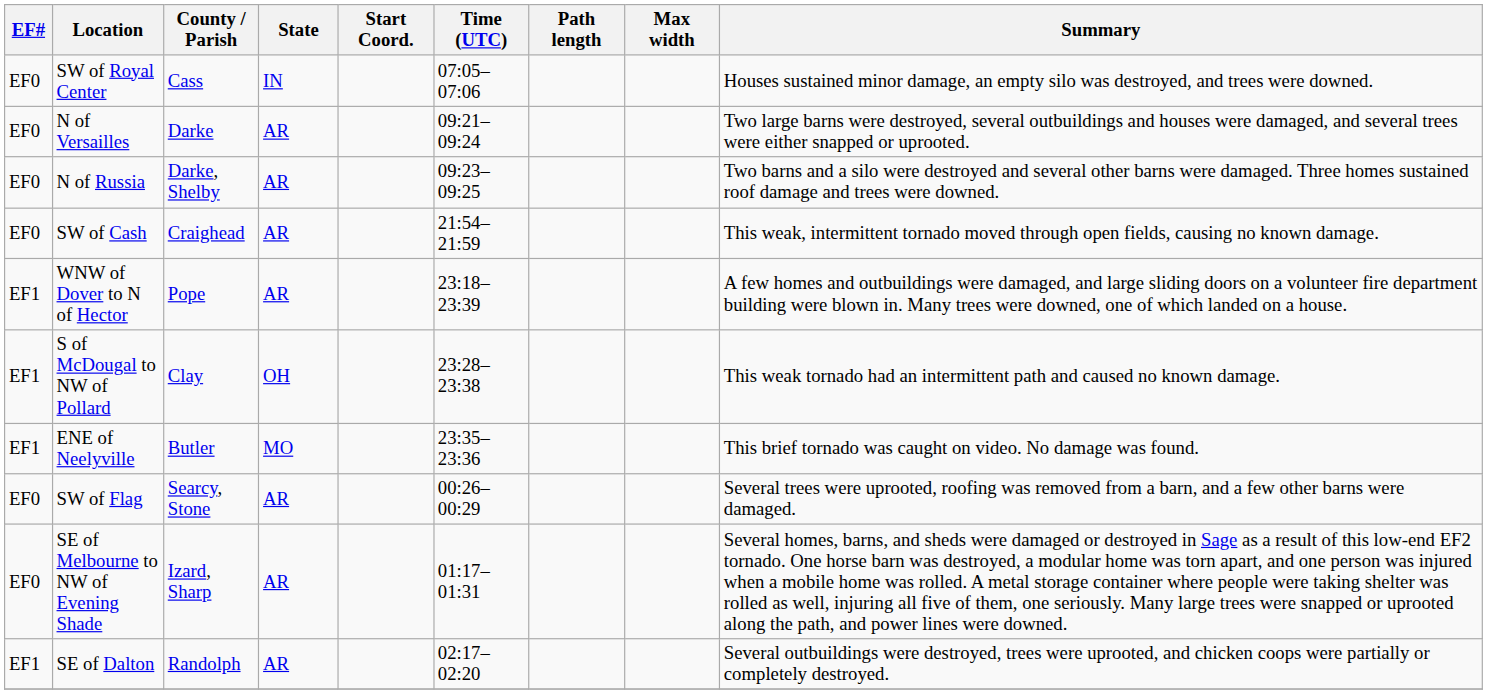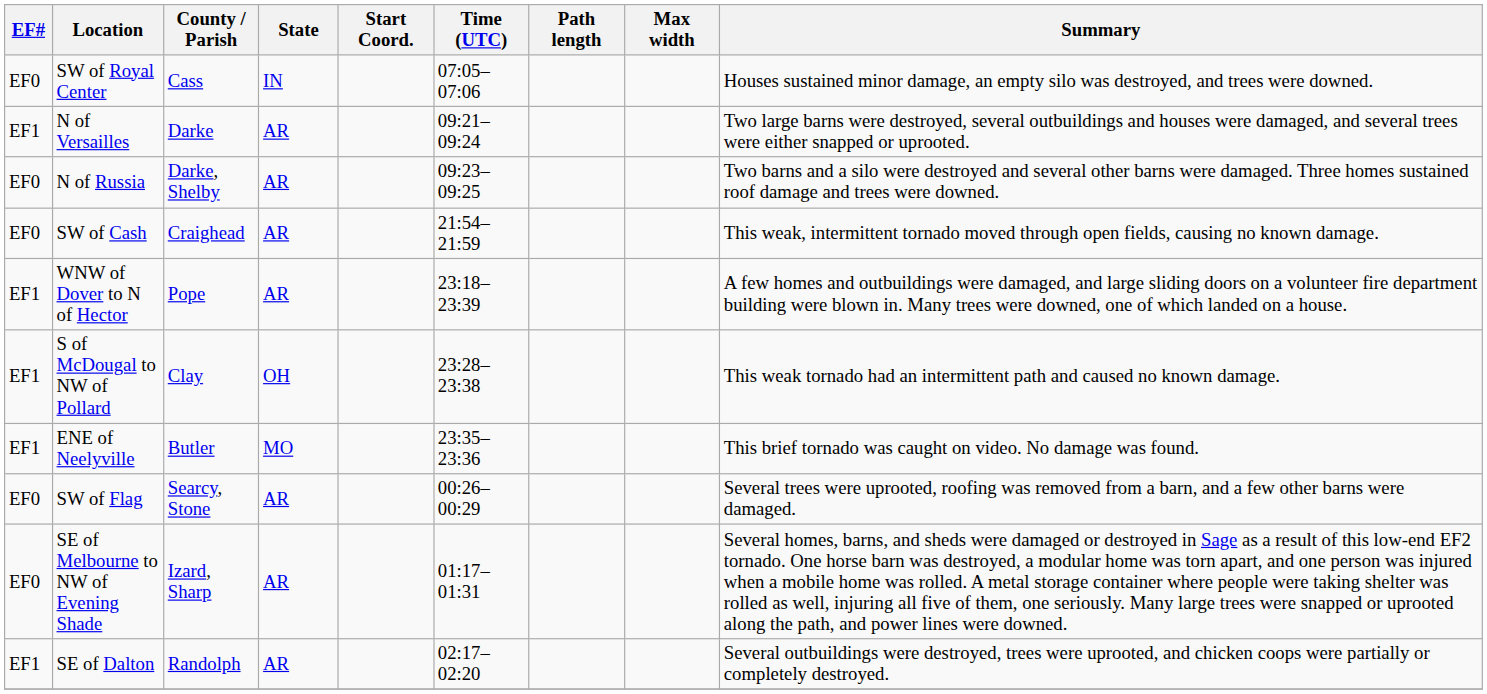 <table class="wikitable sortable" style="width:100%;">
 <tr>
 <th scope="col"  style="width:3%; text-align:center;"><a href='#'>EF#</a></th>
 <th scope="col"  style="width:7%; text-align:center;" class="unsortable">Location</th>
 <th scope="col"  style="width:6%; text-align:center;" class="unsortable">County / Parish</th>
 <th scope="col"  style="width:5%; text-align:center;">State</th>
 <th scope="col"  style="width:6%; text-align:center;">Start Coord.</th>
 <th scope="col"  style="width:6%; text-align:center;">Time (<a href='#'>UTC</a>)</th>
 <th scope="col"  style="width:6%; text-align:center;">Path length</th>
 <th scope="col"  style="width:6%; text-align:center;">Max width</th>
 <th scope="col" class="unsortable" style="width:48%; text-align:center;">Summary</th>
 </tr>
 <tr>
 <td>EF0</td>
 <td>SW of <a href='#'>Royal Center</a></td>
 <td><a href='#'>Cass</a></td>
 <td><a href='#'>IN</a></td>
 <td></td>
 <td>07:05–07:06</td>
 <td></td>
 <td></td>
 <td>Houses sustained minor damage, an empty silo was destroyed, and trees were downed.</td>
 </tr>
 <tr>
-<td>EF0</td>
+<td>EF1</td>
 <td>N of <a href='#'>Versailles</a></td>
 <td><a href='#'>Darke</a></td>
 <td><a href='#'>AR</a></td>
 <td></td>
 <td>09:21–09:24</td>
 <td></td>
 <td></td>
 <td>Two large barns were destroyed, several outbuildings and houses were damaged, and several trees were either snapped or uprooted.</td>
 </tr>
 <tr>
 <td>EF0</td>
 <td>N of <a href='#'>Russia</a></td>
 <td><a href='#'>Darke</a>, <a href='#'>Shelby</a></td>
 <td><a href='#'>AR</a></td>
 <td></td>
 <td>09:23–09:25</td>
 <td></td>
 <td></td>
 <td>Two barns and a silo were destroyed and several other barns were damaged. Three homes sustained roof damage and trees were downed.</td>
 </tr>
 <tr>
 <td>EF0</td>
 <td>SW of <a href='#'>Cash</a></td>
 <td><a href='#'>Craighead</a></td>
 <td><a href='#'>AR</a></td>
 <td></td>
 <td>21:54–21:59</td>
 <td></td>
 <td></td>
 <td>This weak, intermittent tornado moved through open fields, causing no known damage.</td>
 </tr>
 <tr>
 <td>EF1</td>
 <td>WNW of <a href='#'>Dover</a> to N of <a href='#'>Hector</a></td>
 <td><a href='#'>Pope</a></td>
 <td><a href='#'>AR</a></td>
 <td></td>
 <td>23:18–23:39</td>
 <td></td>
 <td></td>
 <td>A few homes and outbuildings were damaged, and large sliding doors on a volunteer fire department building were blown in. Many trees were downed, one of which landed on a house.</td>
 </tr>
 <tr>
 <td>EF1</td>
 <td>S of <a href='#'>McDougal</a> to NW of <a href='#'>Pollard</a></td>
 <td><a href='#'>Clay</a></td>
 <td><a href='#'>OH</a></td>
 <td></td>
 <td>23:28–23:38</td>
 <td></td>
 <td></td>
 <td>This weak tornado had an intermittent path and caused no known damage.</td>
 </tr>
 <tr>
 <td>EF1</td>
 <td>ENE of <a href='#'>Neelyville</a></td>
 <td><a href='#'>Butler</a></td>
 <td><a href='#'>MO</a></td>
 <td></td>
 <td>23:35–23:36</td>
 <td></td>
 <td></td>
 <td>This brief tornado was caught on video. No damage was found.</td>
 </tr>
 <tr>
 <td>EF0</td>
 <td>SW of <a href='#'>Flag</a></td>
 <td><a href='#'>Searcy</a>, <a href='#'>Stone</a></td>
 <td><a href='#'>AR</a></td>
 <td></td>
 <td>00:26–00:29</td>
 <td></td>
 <td></td>
 <td>Several trees were uprooted, roofing was removed from a barn, and a few other barns were damaged.</td>
 </tr>
 <tr>
 <td>EF0</td>
 <td>SE of <a href='#'>Melbourne</a> to NW of <a href='#'>Evening Shade</a></td>
 <td><a href='#'>Izard</a>, <a href='#'>Sharp</a></td>
 <td><a href='#'>AR</a></td>
 <td></td>
 <td>01:17–01:31</td>
 <td></td>
 <td></td>
 <td>Several homes, barns, and sheds were damaged or destroyed in <a href='#'>Sage</a> as a result of this low-end EF2 tornado. One horse barn was destroyed, a modular home was torn apart, and one person was injured when a mobile home was rolled. A metal storage container where people were taking shelter was rolled as well, injuring all five of them, one seriously. Many large trees were snapped or uprooted along the path, and power lines were downed.</td>
 </tr>
 <tr>
 <td>EF1</td>
 <td>SE of <a href='#'>Dalton</a></td>
 <td><a href='#'>Randolph</a></td>
 <td><a href='#'>AR</a></td>
 <td></td>
 <td>02:17–02:20</td>
 <td></td>
 <td></td>
 <td>Several outbuildings were destroyed, trees were uprooted, and chicken coops were partially or completely destroyed.</td>
 </tr>
 <tr>
 </tr>
 </table>
